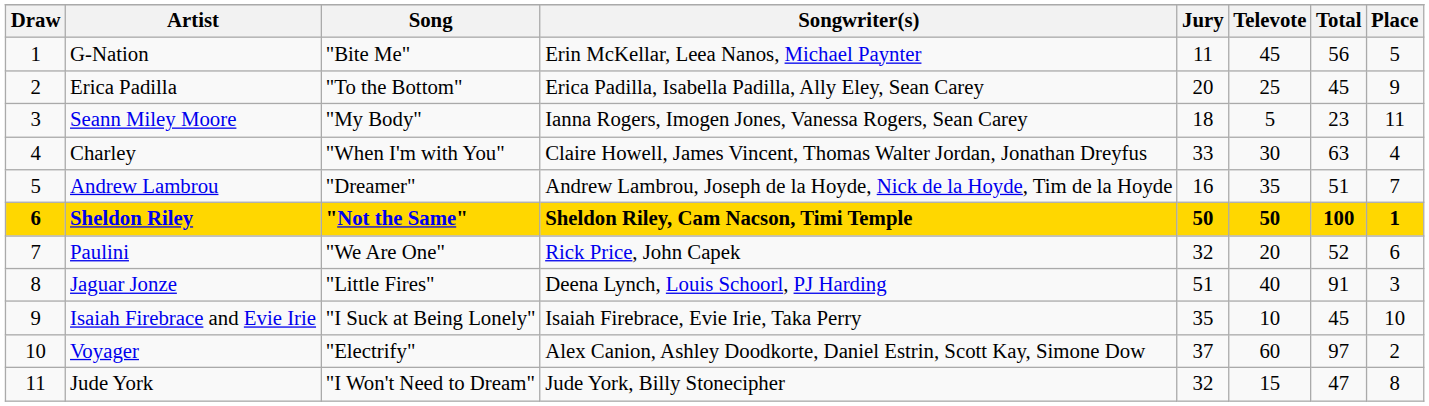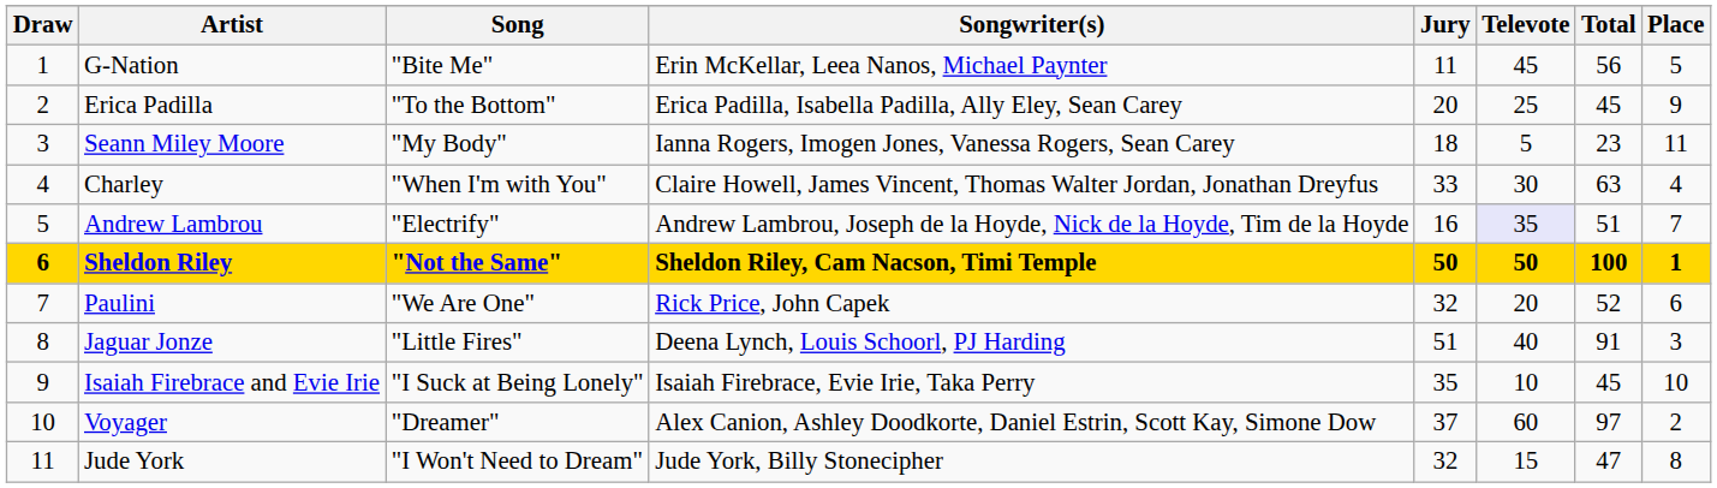 <table class="sortable wikitable" style="margin: 1em auto 1em auto;">
 <tr>
 </tr>
 <tr>
 <th>Draw</th>
 <th>Artist</th>
 <th>Song</th>
 <th>Songwriter(s)</th>
 <th>Jury</th>
 <th>Televote</th>
 <th>Total</th>
 <th>Place</th>
 </tr>
 <tr>
 <td align="center">1</td>
 <td>G-Nation</td>
 <td>"Bite Me"</td>
 <td>Erin McKellar, Leea Nanos, <a href='#'>Michael Paynter</a></td>
 <td align="center">11</td>
 <td align="center">45</td>
 <td align="center">56</td>
 <td align="center">5</td>
 </tr>
 <tr>
 <td align="center">2</td>
 <td>Erica Padilla</td>
 <td>"To the Bottom"</td>
 <td>Erica Padilla, Isabella Padilla, Ally Eley, Sean Carey</td>
 <td align="center">20</td>
 <td align="center">25</td>
 <td align="center">45</td>
 <td align="center">9</td>
 </tr>
 <tr>
 <td align="center">3</td>
 <td><a href='#'>Seann Miley Moore</a></td>
 <td>"My Body"</td>
 <td>Ianna Rogers, Imogen Jones, Vanessa Rogers, Sean Carey</td>
 <td align="center">18</td>
 <td align="center">5</td>
 <td align="center">23</td>
 <td align="center">11</td>
 </tr>
 <tr>
 <td align="center">4</td>
 <td>Charley</td>
 <td>"When I'm with You"</td>
 <td>Claire Howell, James Vincent, Thomas Walter Jordan, Jonathan Dreyfus</td>
 <td align="center">33</td>
 <td align="center">30</td>
 <td align="center">63</td>
 <td align="center">4</td>
 </tr>
 <tr>
 <td align="center">5</td>
 <td><a href='#'>Andrew Lambrou</a></td>
-<td>"Dreamer"</td>
+<td>"Electrify"</td>
 <td>Andrew Lambrou, Joseph de la Hoyde, <a href='#'>Nick de la Hoyde</a>, Tim de la Hoyde</td>
 <td align="center">16</td>
-<td align="center">35</td>
+<td align="center" style="background: lavender;">35</td>
 <td align="center">51</td>
 <td align="center">7</td>
 </tr>
 <tr style="font-weight:bold; background:gold;">
 <td align="center">6</td>
 <td><a href='#'>Sheldon Riley</a></td>
 <td>"<a href='#'>Not the Same</a>"</td>
 <td>Sheldon Riley, Cam Nacson, Timi Temple</td>
 <td align="center">50</td>
 <td align="center">50</td>
 <td align="center">100</td>
 <td align="center">1</td>
 </tr>
 <tr>
 <td align="center">7</td>
 <td><a href='#'>Paulini</a></td>
 <td>"We Are One"</td>
 <td><a href='#'>Rick Price</a>, John Capek</td>
 <td align="center">32</td>
 <td align="center">20</td>
 <td align="center">52</td>
 <td align="center">6</td>
 </tr>
 <tr>
 <td align="center">8</td>
 <td><a href='#'>Jaguar Jonze</a></td>
 <td>"Little Fires"</td>
 <td>Deena Lynch, <a href='#'>Louis Schoorl</a>, <a href='#'>PJ Harding</a></td>
 <td align="center">51</td>
 <td align="center">40</td>
 <td align="center">91</td>
 <td align="center">3</td>
 </tr>
 <tr>
 <td align="center">9</td>
 <td><a href='#'>Isaiah Firebrace</a> and <a href='#'>Evie Irie</a></td>
 <td>"I Suck at Being Lonely"</td>
 <td>Isaiah Firebrace, Evie Irie, Taka Perry</td>
 <td align="center">35</td>
 <td align="center">10</td>
 <td align="center">45</td>
 <td align="center">10</td>
 </tr>
 <tr>
 <td align="center">10</td>
 <td><a href='#'>Voyager</a></td>
-<td>"Electrify"</td>
+<td>"Dreamer"</td>
 <td>Alex Canion, Ashley Doodkorte, Daniel Estrin, Scott Kay, Simone Dow</td>
 <td align="center">37</td>
 <td align="center">60</td>
 <td align="center">97</td>
 <td align="center">2</td>
 </tr>
 <tr>
 <td align="center">11</td>
 <td>Jude York</td>
 <td>"I Won't Need to Dream"</td>
 <td>Jude York, Billy Stonecipher</td>
 <td align="center">32</td>
 <td align="center">15</td>
 <td align="center">47</td>
 <td align="center">8</td>
 </tr>
 </table>
